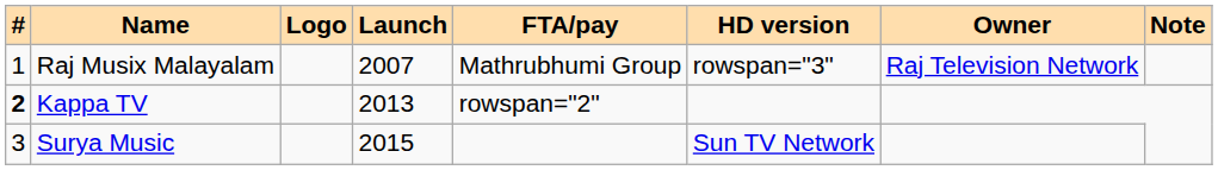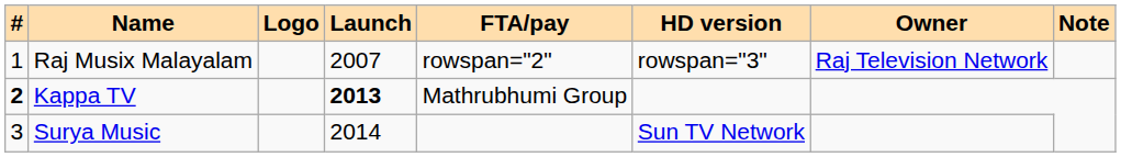 <table class="wikitable sortable">
 <tr>
 <th style="background-color:navajowhite">#</th>
 <th style="background-color:navajowhite">Name</th>
 <th style="background-color:navajowhite">Logo</th>
 <th style="background-color:navajowhite">Launch</th>
 <th style="background-color:navajowhite">FTA/pay</th>
 <th style="background-color:navajowhite">HD version</th>
 <th style="background-color:navajowhite">Owner</th>
 <th style="background-color:navajowhite">Note</th>
 </tr>
 <tr>
 <td>1</td>
 <td>Raj Musix Malayalam</td>
 <td></td>
 <td>2007</td>
-<td>Mathrubhumi Group</td>
+<td>rowspan="2" </td>
 <td>rowspan="3" </td>
 <td><a href='#'>Raj Television Network</a></td>
 <td></td>
 </tr>
 <tr>
 <td><strong>2</strong></td>
 <td><a href='#'>Kappa TV</a></td>
 <td></td>
-<td>2013</td>
-<td>rowspan="2" </td>
+<td><strong>2013</strong></td>
+<td>Mathrubhumi Group</td>
 <td></td>
 </tr>
 <tr>
 <td>3</td>
 <td><a href='#'>Surya Music</a></td>
 <td></td>
-<td>2015</td>
+<td>2014</td>
 <td></td>
 <td><a href='#'>Sun TV Network</a></td>
 <td></td>
 </tr>
 </table>
